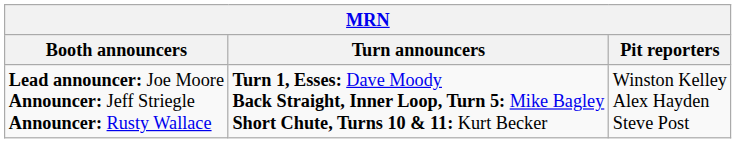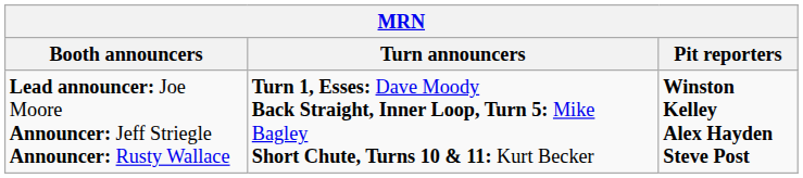 <table class="wikitable" style="font-size: 95%;">
 <tr>
 <th colspan="3"><a href='#'>MRN</a></th>
 </tr>
 <tr>
 <th>Booth announcers</th>
 <th>Turn announcers</th>
 <th>Pit reporters</th>
 </tr>
 <tr>
 <td><strong>Lead announcer:</strong> Joe Moore<br><strong>Announcer:</strong> Jeff Striegle<br><strong>Announcer:</strong> <a href='#'>Rusty Wallace</a></td>
 <td><strong>Turn 1, Esses:</strong> <a href='#'>Dave Moody</a><br><strong>Back Straight, Inner Loop, Turn 5:</strong> <a href='#'>Mike Bagley</a><br><strong>Short Chute, Turns 10 & 11:</strong> Kurt Becker</td>
-<td>Winston Kelley<br>Alex Hayden<br>Steve Post</td>
+<td><strong>Winston Kelley<br>Alex Hayden<br>Steve Post</strong></td>
 </tr>
 </table>
